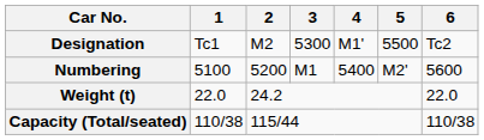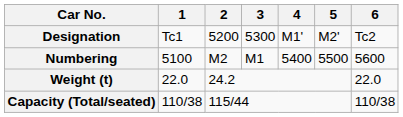 <table class="wikitable">
 <tr>
 <th>Car No.</th>
 <th>1</th>
 <th>2</th>
 <th>3</th>
 <th>4</th>
 <th>5</th>
 <th>6</th>
 </tr>
 <tr>
 <th>Designation</th>
 <td>Tc1</td>
-<td>M2</td>
+<td>5200</td>
 <td>5300</td>
 <td>M1'</td>
-<td>5500</td>
+<td>M2'</td>
 <td>Tc2</td>
 </tr>
 <tr>
 <th>Numbering</th>
 <td>5100</td>
-<td>5200</td>
+<td>M2</td>
 <td>M1</td>
 <td>5400</td>
-<td>M2'</td>
+<td>5500</td>
 <td>5600</td>
 </tr>
 <tr>
 <th>Weight (t)</th>
 <td>22.0</td>
 <td colspan="4">24.2</td>
 <td>22.0</td>
 </tr>
 <tr>
 <th>Capacity (Total/seated)</th>
 <td>110/38</td>
 <td colspan="4">115/44</td>
 <td>110/38</td>
 </tr>
 </table>
